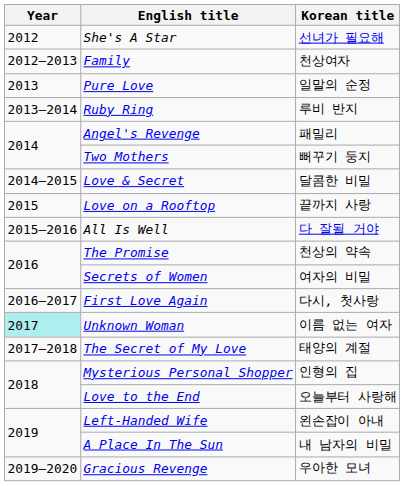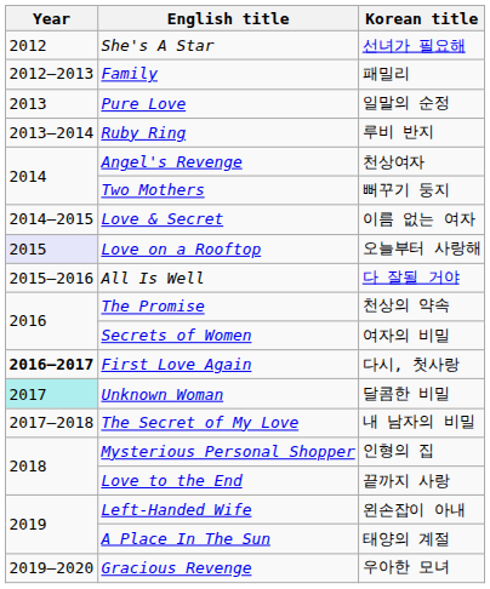 <table class="wikitable">
 <tr>
 <th>Year</th>
 <th>English title</th>
 <th>Korean title</th>
 </tr>
 <tr>
 <td>2012</td>
 <td><em>She's A Star</em></td>
 <td><a href='#'>선녀가 필요해</a></td>
 </tr>
 <tr>
 <td>2012–2013</td>
 <td><a href='#'><em>Family</em></a></td>
-<td>천상여자</td>
+<td>패밀리</td>
 </tr>
 <tr>
 <td>2013</td>
 <td><a href='#'><em>Pure Love</em></a></td>
 <td>일말의 순정</td>
 </tr>
 <tr>
 <td>2013–2014</td>
 <td><em><a href='#'>Ruby Ring</a></em></td>
 <td>루비 반지</td>
 </tr>
 <tr>
 <td rowspan="2">2014</td>
 <td><a href='#'><em>Angel's Revenge</em></a></td>
-<td>패밀리</td>
+<td>천상여자</td>
 </tr>
 <tr>
 <td><a href='#'><em>Two Mothers</em></a></td>
 <td>뻐꾸기 둥지</td>
 </tr>
 <tr>
 <td>2014–2015</td>
 <td><em><a href='#'>Love & Secret</a></em></td>
-<td>달콤한 비밀</td>
+<td>이름 없는 여자</td>
 </tr>
 <tr>
-<td>2015</td>
+<td style="background: lavender;">2015</td>
 <td><a href='#'><em>Love on a Rooftop</em></a></td>
-<td>끝까지 사랑</td>
+<td>오늘부터 사랑해</td>
 </tr>
 <tr>
 <td>2015–2016</td>
 <td><em>All Is Well</em></td>
 <td><a href='#'>다 잘될 거야</a></td>
 </tr>
 <tr>
 <td rowspan="2">2016</td>
 <td><a href='#'><em>The Promise</em></a></td>
 <td>천상의 약속</td>
 </tr>
 <tr>
 <td><a href='#'><em>Secrets of Women</em></a></td>
 <td>여자의 비밀</td>
 </tr>
 <tr>
-<td>2016–2017</td>
+<td><strong>2016–2017</strong></td>
 <td><em><a href='#'>First Love Again</a></em></td>
 <td>다시, 첫사랑</td>
 </tr>
 <tr>
 <td style="background: paleturquoise;">2017</td>
 <td><a href='#'><em>Unknown Woman</em></a></td>
-<td>이름 없는 여자</td>
+<td>달콤한 비밀</td>
 </tr>
 <tr>
 <td>2017–2018</td>
 <td><em><a href='#'>The Secret of My Love</a></em></td>
-<td>태양의 계절</td>
+<td>내 남자의 비밀</td>
 </tr>
 <tr>
 <td rowspan="2">2018</td>
 <td><em><a href='#'>Mysterious Personal Shopper</a></em></td>
 <td>인형의 집</td>
 </tr>
 <tr>
 <td><em><a href='#'>Love to the End</a></em></td>
-<td>오늘부터 사랑해</td>
+<td>끝까지 사랑</td>
 </tr>
 <tr>
 <td rowspan="2">2019</td>
 <td><em><a href='#'>Left-Handed Wife</a></em></td>
 <td>왼손잡이 아내</td>
 </tr>
 <tr>
 <td><a href='#'><em>A Place In The Sun</em></a></td>
-<td>내 남자의 비밀</td>
+<td>태양의 계절</td>
 </tr>
 <tr>
 <td>2019–2020</td>
 <td><em><a href='#'>Gracious Revenge</a></em></td>
 <td>우아한 모녀</td>
 </tr>
 </table>
